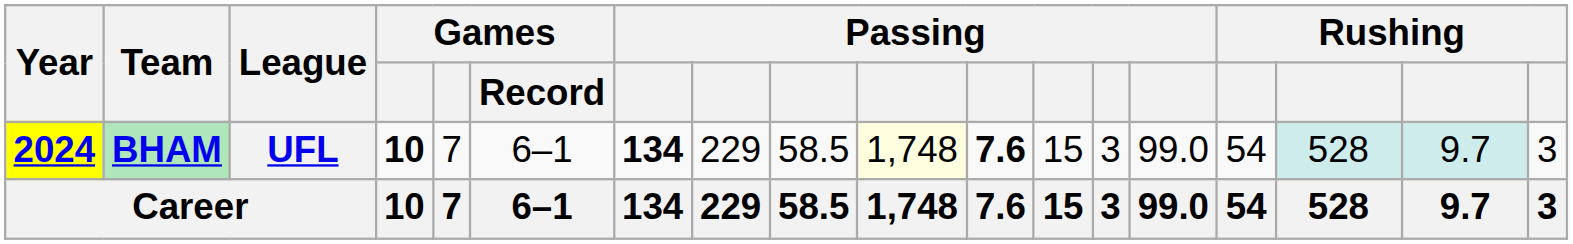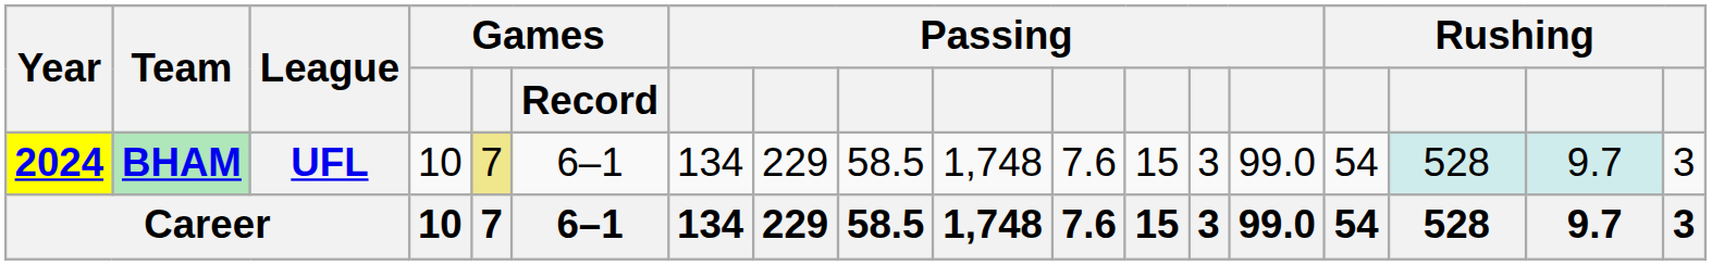 <table class="wikitable" style="text-align:center;">
 <tr>
 <th rowspan="2">Year</th>
 <th rowspan="2">Team</th>
 <th rowspan="2">League</th>
 <th colspan="3">Games</th>
 <th colspan="8">Passing</th>
 <th colspan="4">Rushing</th>
 </tr>
 <tr>
 <th></th>
 <th></th>
 <th>Record</th>
 <th></th>
 <th></th>
 <th></th>
 <th></th>
 <th></th>
 <th></th>
 <th></th>
 <th></th>
 <th></th>
 <th></th>
 <th></th>
 <th></th>
 </tr>
 <tr>
 <th style="background:#ff0;"><a href='#'>2024</a></th>
 <th style="background:#afe6ba;"><a href='#'>BHAM</a></th>
 <th><a href='#'>UFL</a></th>
-<td><strong>10</strong></td>
-<td>7</td>
+<td>10</td>
+<td style="background: khaki;">7</td>
 <td>6–1</td>
-<td><strong>134</strong></td>
+<td>134</td>
 <td>229</td>
 <td>58.5</td>
-<td style="background: lightyellow;">1,748</td>
-<td><strong>7.6</strong></td>
+<td>1,748</td>
+<td>7.6</td>
 <td>15</td>
 <td>3</td>
 <td>99.0</td>
 <td>54</td>
 <td style="background:#cfecec; width:3em;">528</td>
 <td style="background:#cfecec; width:3em;">9.7</td>
 <td>3</td>
 </tr>
 <tr>
 <th colspan="3">Career</th>
 <th>10</th>
 <th>7</th>
 <th>6–1</th>
 <th>134</th>
 <th>229</th>
 <th>58.5</th>
 <th>1,748</th>
 <th>7.6</th>
 <th>15</th>
 <th>3</th>
 <th>99.0</th>
 <th>54</th>
 <th>528</th>
 <th>9.7</th>
 <th>3</th>
 </tr>
 </table>
